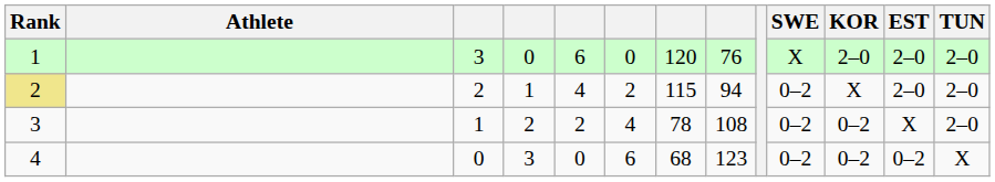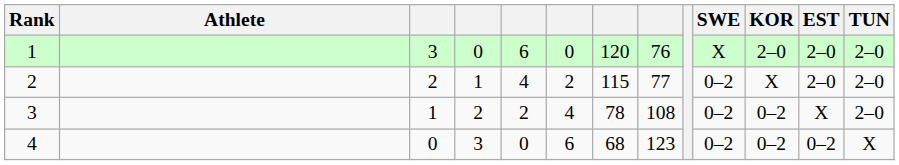 <table class="wikitable" style="text-align:center">
 <tr>
 <th>Rank</th>
 <th width=280>Athlete</th>
 <th width=30></th>
 <th width=30></th>
 <th width=30></th>
 <th width=30></th>
 <th width=30></th>
 <th width=30></th>
 <th rowspan=5></th>
 <th width=30>SWE</th>
 <th width=30>KOR</th>
 <th width=30>EST</th>
 <th width=30>TUN</th>
 </tr>
 <tr style="background-color:#ccffcc;">
 <td>1</td>
 <td align=left></td>
 <td>3</td>
 <td>0</td>
 <td>6</td>
 <td>0</td>
 <td>120</td>
 <td>76</td>
 <td>X</td>
 <td>2–0</td>
 <td>2–0</td>
 <td>2–0</td>
 </tr>
 <tr>
-<td style="background: khaki;">2</td>
+<td>2</td>
 <td align=left></td>
 <td>2</td>
 <td>1</td>
 <td>4</td>
 <td>2</td>
 <td>115</td>
-<td>94</td>
+<td>77</td>
 <td>0–2</td>
 <td>X</td>
 <td>2–0</td>
 <td>2–0</td>
 </tr>
 <tr>
 <td>3</td>
 <td align=left></td>
 <td>1</td>
 <td>2</td>
 <td>2</td>
 <td>4</td>
 <td>78</td>
 <td>108</td>
 <td>0–2</td>
 <td>0–2</td>
 <td>X</td>
 <td>2–0</td>
 </tr>
 <tr>
 <td>4</td>
 <td align=left></td>
 <td>0</td>
 <td>3</td>
 <td>0</td>
 <td>6</td>
 <td>68</td>
 <td>123</td>
 <td>0–2</td>
 <td>0–2</td>
 <td>0–2</td>
 <td>X</td>
 </tr>
 </table>
